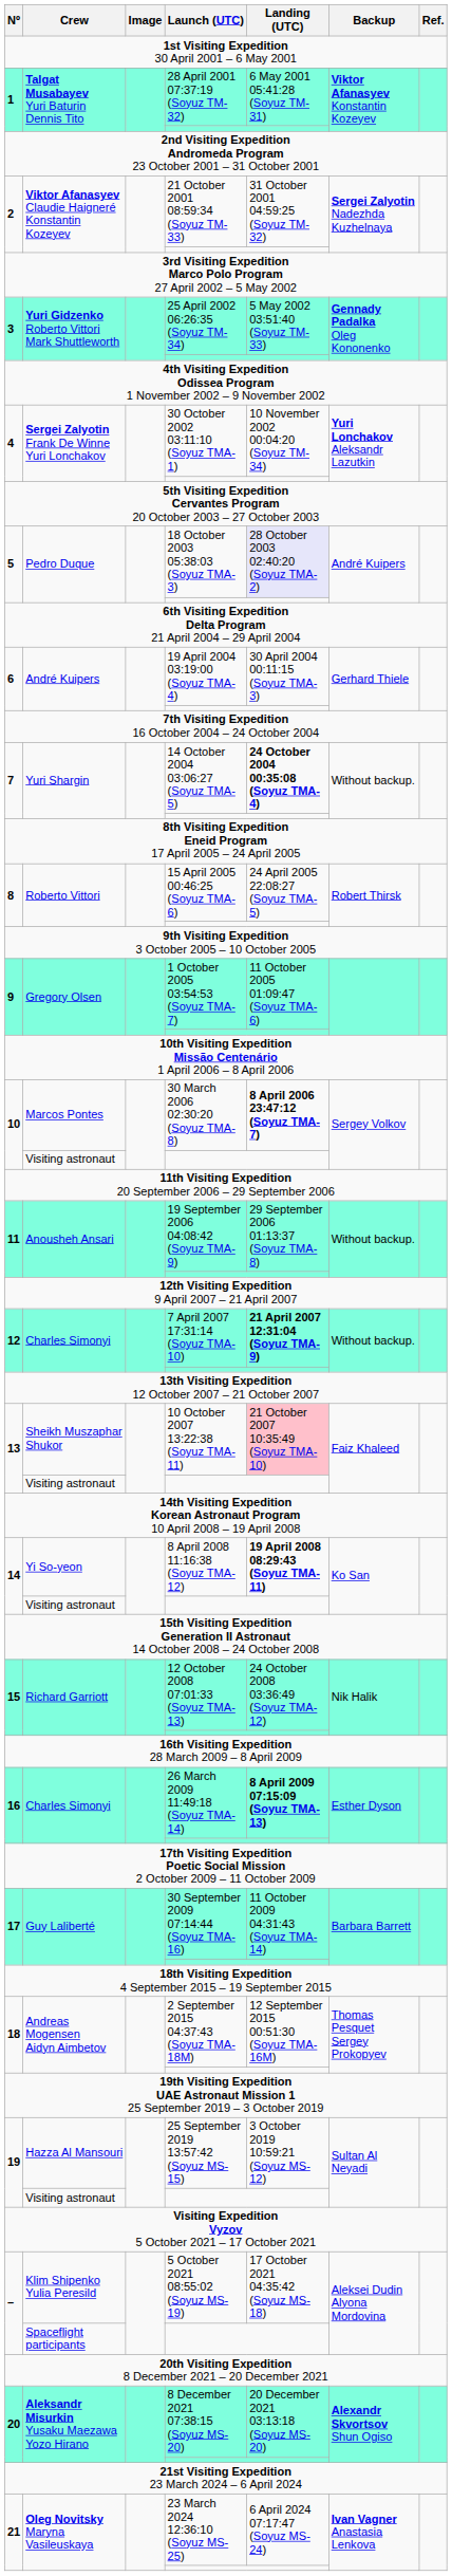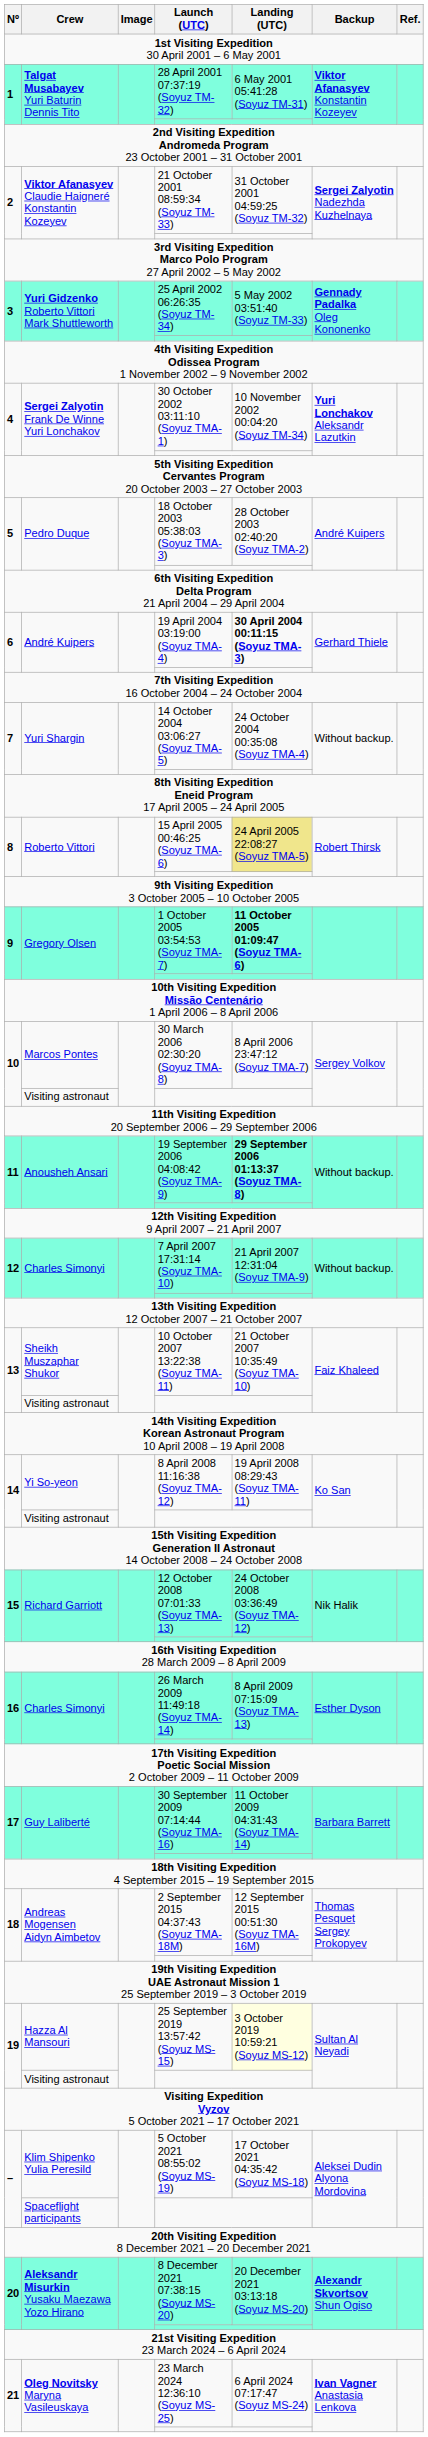 <table class="wikitable">
 <tr>
 <th>Nº</th>
 <th>Crew</th>
 <th>Image</th>
 <th>Launch (<a href='#'>UTC</a>)</th>
 <th>Landing (UTC)</th>
 <th>Backup</th>
 <th>Ref.</th>
 </tr>
 <tr>
 <td colspan="7" style="text-align:center"><strong>1st Visiting Expedition</strong><br>30 April 2001 – 6 May 2001</td>
 </tr>
 <tr>
 <td rowspan="2" bgcolor=#7fffdd><strong>1</strong></td>
 <td rowspan="2" bgcolor=#7fffdd>   <strong><a href='#'>Talgat Musabayev</a></strong><br> <a href='#'>Yuri Baturin</a><br> <a href='#'>Dennis Tito</a></td>
 <td rowspan="2" bgcolor=#7fffdd></td>
 <td bgcolor=#7fffdd>28 April 2001<br>07:37:19<br>(<a href='#'>Soyuz TM-32</a>)</td>
 <td bgcolor=#7fffdd>6 May 2001<br>05:41:28<br>(<a href='#'>Soyuz TM-31</a>)</td>
 <td rowspan="2" bgcolor=#7fffdd> <strong><a href='#'>Viktor Afanasyev</a></strong><br> <a href='#'>Konstantin Kozeyev</a></td>
 <td rowspan="2" bgcolor=#7fffdd></td>
 </tr>
 <tr>
 <td colspan=2 style="background:#7fffdd; text-align:center"></td>
 </tr>
 <tr>
 <td colspan="7" style="text-align:center"><strong>2nd Visiting Expedition</strong><br><strong>Andromeda Program</strong><br>23 October 2001 – 31 October 2001</td>
 </tr>
 <tr>
 <td rowspan="2"><strong>2</strong></td>
 <td rowspan="2">   <strong><a href='#'>Viktor Afanasyev</a></strong><br> <a href='#'>Claudie Haigneré</a><br> <a href='#'>Konstantin Kozeyev</a></td>
 <td rowspan="2"></td>
 <td>21 October 2001<br>08:59:34<br>(<a href='#'>Soyuz TM-33</a>)</td>
 <td>31 October 2001<br>04:59:25<br>(<a href='#'>Soyuz TM-32</a>)</td>
 <td rowspan="2"> <strong><a href='#'>Sergei Zalyotin</a></strong><br> <a href='#'>Nadezhda Kuzhelnaya</a></td>
 <td rowspan="2"></td>
 </tr>
 <tr>
 <td colspan="2" style="text-align:center"></td>
 </tr>
 <tr>
 <td colspan="7" style="text-align:center"><strong>3rd Visiting Expedition</strong><br><strong>Marco Polo Program</strong><br>27 April 2002 – 5 May 2002</td>
 </tr>
 <tr>
 <td rowspan="2" bgcolor=#7fffdd><strong>3</strong></td>
 <td rowspan="2" bgcolor=#7fffdd> <strong><a href='#'>Yuri Gidzenko</a></strong><br> <a href='#'>Roberto Vittori</a><br> <a href='#'>Mark Shuttleworth</a></td>
 <td rowspan="2" bgcolor=#7fffdd></td>
 <td bgcolor=#7fffdd>25 April 2002<br>06:26:35<br>(<a href='#'>Soyuz TM-34</a>)</td>
 <td bgcolor=#7fffdd>5 May 2002<br>03:51:40<br>(<a href='#'>Soyuz TM-33</a>)</td>
 <td rowspan="2" bgcolor=#7fffdd> <strong><a href='#'>Gennady Padalka</a></strong><br> <a href='#'>Oleg Kononenko</a></td>
 <td rowspan="2" bgcolor=#7fffdd></td>
 </tr>
 <tr>
 <td colspan=2 style="background:#7fffdd; text-align:center"></td>
 </tr>
 <tr>
 <td colspan="7" style="text-align:center"><strong>4th Visiting Expedition</strong><br><strong>Odissea Program</strong><br>1 November 2002 – 9 November 2002</td>
 </tr>
 <tr>
 <td rowspan="2"><strong>4</strong></td>
 <td rowspan="2"> <strong><a href='#'>Sergei Zalyotin</a></strong><br> <a href='#'>Frank De Winne</a><br> <a href='#'>Yuri Lonchakov</a></td>
 <td rowspan="2"></td>
 <td>30 October 2002<br>03:11:10<br>(<a href='#'>Soyuz TMA-1</a>)</td>
 <td>10 November 2002<br>00:04:20<br>(<a href='#'>Soyuz TM-34</a>)</td>
 <td rowspan="2"> <strong><a href='#'>Yuri Lonchakov</a></strong><br> <a href='#'>Aleksandr Lazutkin</a></td>
 <td rowspan="2"></td>
 </tr>
 <tr>
 <td colspan="2" style="text-align:center"></td>
 </tr>
 <tr>
 <td colspan="7" style="text-align:center"><strong>5th Visiting Expedition</strong><br><strong>Cervantes Program</strong><br>20 October 2003 – 27 October 2003</td>
 </tr>
 <tr>
 <td rowspan="2"><strong>5</strong></td>
 <td rowspan="2"> <a href='#'>Pedro Duque</a></td>
 <td rowspan="2"></td>
 <td>18 October 2003<br>05:38:03<br>(<a href='#'>Soyuz TMA-3</a>)</td>
-<td style="background: lavender;">28 October 2003<br>02:40:20<br>(<a href='#'>Soyuz TMA-2</a>)</td>
+<td>28 October 2003<br>02:40:20<br>(<a href='#'>Soyuz TMA-2</a>)</td>
 <td rowspan="2"> <a href='#'>André Kuipers</a></td>
 <td rowspan="2"></td>
 </tr>
 <tr>
 <td colspan="2" style="text-align:center"></td>
 </tr>
 <tr>
 <td colspan="7" style="text-align:center"><strong>6th Visiting Expedition</strong><br><strong>Delta Program</strong><br>21 April 2004 – 29 April 2004</td>
 </tr>
 <tr>
 <td rowspan="2"><strong>6</strong></td>
 <td rowspan="2"> <a href='#'>André Kuipers</a></td>
 <td rowspan="2"></td>
 <td>19 April 2004<br>03:19:00<br>(<a href='#'>Soyuz TMA-4</a>)</td>
-<td>30 April 2004<br>00:11:15<br>(<a href='#'>Soyuz TMA-3</a>)</td>
+<td><strong>30 April 2004<br>00:11:15<br>(<a href='#'>Soyuz TMA-3</a>)</strong></td>
 <td rowspan="2"> <a href='#'>Gerhard Thiele</a></td>
 <td rowspan="2"></td>
 </tr>
 <tr>
 <td colspan="2" style="text-align:center"></td>
 </tr>
 <tr>
 <td colspan="7" style="text-align:center"><strong>7th Visiting Expedition</strong><br>16 October 2004 – 24 October 2004</td>
 </tr>
 <tr>
 <td rowspan="2"><strong>7</strong></td>
 <td rowspan="2"> <a href='#'>Yuri Shargin</a></td>
 <td rowspan="2"></td>
 <td>14 October 2004<br>03:06:27<br>(<a href='#'>Soyuz TMA-5</a>)</td>
-<td><strong>24 October 2004<br>00:35:08<br>(<a href='#'>Soyuz TMA-4</a>)</strong></td>
+<td>24 October 2004<br>00:35:08<br>(<a href='#'>Soyuz TMA-4</a>)</td>
 <td rowspan="2">Without backup.</td>
 <td rowspan="2"></td>
 </tr>
 <tr>
 <td colspan="2" style="text-align:center"></td>
 </tr>
 <tr>
 <td colspan="7" style="text-align:center"><strong>8th Visiting Expedition</strong><br><strong>Eneid Program</strong><br>17 April 2005 – 24 April 2005</td>
 </tr>
 <tr>
 <td rowspan="2"><strong>8</strong></td>
 <td rowspan="2"> <a href='#'>Roberto Vittori</a></td>
 <td rowspan="2"></td>
 <td>15 April 2005<br>00:46:25<br>(<a href='#'>Soyuz TMA-6</a>)</td>
-<td>24 April 2005<br>22:08:27<br>(<a href='#'>Soyuz TMA-5</a>)</td>
+<td style="background: khaki;">24 April 2005<br>22:08:27<br>(<a href='#'>Soyuz TMA-5</a>)</td>
 <td rowspan="2"> <a href='#'>Robert Thirsk</a></td>
 <td rowspan="2"></td>
 </tr>
 <tr>
 <td colspan="2" style="text-align:center"></td>
 </tr>
 <tr>
 <td colspan="7" style="text-align:center"><strong>9th Visiting Expedition</strong><br>3 October 2005 – 10 October 2005</td>
 </tr>
 <tr>
 <td rowspan="2" bgcolor=#7fffdd><strong>9</strong></td>
 <td rowspan="2" bgcolor=#7fffdd> <a href='#'>Gregory Olsen</a></td>
 <td rowspan="2" bgcolor=#7fffdd></td>
 <td bgcolor=#7fffdd>1 October 2005<br>03:54:53<br>(<a href='#'>Soyuz TMA-7</a>)</td>
-<td bgcolor=#7fffdd>11 October 2005<br>01:09:47<br>(<a href='#'>Soyuz TMA-6</a>)</td>
+<td bgcolor=#7fffdd><strong>11 October 2005<br>01:09:47<br>(<a href='#'>Soyuz TMA-6</a>)</strong></td>
 <td rowspan="2" bgcolor=#7fffdd> </td>
 <td rowspan="2" bgcolor=#7fffdd></td>
 </tr>
 <tr>
 <td colspan=2 style="background:#7fffdd; text-align:center"></td>
 </tr>
 <tr>
 <td colspan="7" style="text-align:center"><strong>10th Visiting Expedition</strong><br><strong><a href='#'>Missão Centenário</a></strong><br>1 April 2006 – 8 April 2006</td>
 </tr>
 <tr>
 <td rowspan="2"><strong>10</strong></td>
 <td> <a href='#'>Marcos Pontes</a></td>
 <td rowspan="2"></td>
 <td>30 March 2006<br>02:30:20<br>(<a href='#'>Soyuz TMA-8</a>)</td>
-<td><strong>8 April 2006<br>23:47:12<br>(<a href='#'>Soyuz TMA-7</a>)</strong></td>
+<td>8 April 2006<br>23:47:12<br>(<a href='#'>Soyuz TMA-7</a>)</td>
 <td rowspan="2"> <a href='#'>Sergey Volkov</a></td>
 <td rowspan="2"></td>
 </tr>
 <tr>
 <td>Visiting astronaut</td>
 <td colspan="2" style="text-align:center"></td>
 </tr>
 <tr>
 <td colspan="7" style="text-align:center"><strong>11th Visiting Expedition</strong><br>20 September 2006 – 29 September 2006</td>
 </tr>
 <tr>
 <td rowspan="2" bgcolor=#7fffdd><strong>11</strong></td>
 <td rowspan="2" bgcolor=#7fffdd> <a href='#'>Anousheh Ansari</a></td>
 <td rowspan="2" bgcolor=#7fffdd></td>
 <td bgcolor=#7fffdd>19 September 2006<br>04:08:42<br>(<a href='#'>Soyuz TMA-9</a>)</td>
-<td bgcolor=#7fffdd>29 September 2006<br>01:13:37<br>(<a href='#'>Soyuz TMA-8</a>)</td>
+<td bgcolor=#7fffdd><strong>29 September 2006<br>01:13:37<br>(<a href='#'>Soyuz TMA-8</a>)</strong></td>
 <td rowspan="2" bgcolor=#7fffdd>Without backup.</td>
 <td rowspan="2" bgcolor=#7fffdd></td>
 </tr>
 <tr>
 <td colspan="2" style="background:#7fffdd; text-align:center"></td>
 </tr>
 <tr>
 <td colspan="7" style="text-align:center"><strong>12th Visiting Expedition</strong><br>9 April 2007 – 21 April 2007</td>
 </tr>
 <tr>
 <td rowspan="2" bgcolor=#7fffdd><strong>12</strong></td>
 <td rowspan="2" bgcolor=#7fffdd> <a href='#'>Charles Simonyi</a></td>
 <td rowspan="2" bgcolor=#7fffdd></td>
 <td bgcolor=#7fffdd>7 April 2007<br>17:31:14<br>(<a href='#'>Soyuz TMA-10</a>)</td>
-<td bgcolor=#7fffdd><strong>21 April 2007<br>12:31:04<br>(<a href='#'>Soyuz TMA-9</a>)</strong></td>
+<td bgcolor=#7fffdd>21 April 2007<br>12:31:04<br>(<a href='#'>Soyuz TMA-9</a>)</td>
 <td rowspan="2" bgcolor=#7fffdd>Without backup.</td>
 <td rowspan="2" bgcolor=#7fffdd></td>
 </tr>
 <tr>
 <td colspan="2" style="background:#7fffdd; text-align:center"></td>
 </tr>
 <tr>
 <td colspan="7" style="text-align:center"><strong>13th Visiting Expedition</strong><br>12 October 2007 – 21 October 2007</td>
 </tr>
 <tr>
 <td rowspan="2"><strong>13</strong></td>
 <td> <a href='#'>Sheikh Muszaphar Shukor</a></td>
 <td rowspan="2"></td>
 <td>10 October 2007<br>13:22:38<br>(<a href='#'>Soyuz TMA-11</a>)</td>
-<td style="background: pink;">21 October 2007<br>10:35:49<br>(<a href='#'>Soyuz TMA-10</a>)</td>
+<td>21 October 2007<br>10:35:49<br>(<a href='#'>Soyuz TMA-10</a>)</td>
 <td rowspan="2"> <a href='#'>Faiz Khaleed</a></td>
 <td rowspan="2"></td>
 </tr>
 <tr>
 <td>Visiting astronaut</td>
 <td colspan="2" style="text-align:center"></td>
 </tr>
 <tr>
 <td colspan="7" style="text-align:center"><strong>14th Visiting Expedition</strong><br><strong>Korean Astronaut Program</strong><br>10 April 2008 – 19 April 2008</td>
 </tr>
 <tr>
 <td rowspan="2"><strong>14</strong></td>
 <td> <a href='#'>Yi So-yeon</a></td>
 <td rowspan="2"></td>
 <td>8 April 2008<br>11:16:38<br>(<a href='#'>Soyuz TMA-12</a>)</td>
-<td><strong>19 April 2008<br>08:29:43<br>(<a href='#'>Soyuz TMA-11</a>)</strong></td>
+<td>19 April 2008<br>08:29:43<br>(<a href='#'>Soyuz TMA-11</a>)</td>
 <td rowspan="2"> <a href='#'>Ko San</a></td>
 <td rowspan="2"></td>
 </tr>
 <tr>
 <td>Visiting astronaut</td>
 <td colspan="2" style="text-align:center"></td>
 </tr>
 <tr>
 <td colspan="7" style="text-align:center"><strong>15th Visiting Expedition</strong><br><strong>Generation II Astronaut</strong><br>14 October 2008 – 24 October 2008</td>
 </tr>
 <tr>
 <td rowspan="2" bgcolor=#7fffdd><strong>15</strong></td>
 <td rowspan="2" bgcolor=#7fffdd> <a href='#'>Richard Garriott</a></td>
 <td rowspan="2" bgcolor=#7fffdd></td>
 <td bgcolor=#7fffdd>12 October 2008<br>07:01:33<br>(<a href='#'>Soyuz TMA-13</a>)</td>
 <td bgcolor=#7fffdd>24 October 2008<br>03:36:49<br>(<a href='#'>Soyuz TMA-12</a>)</td>
 <td bgcolor=#7fffdd rowspan="2"> Nik Halik</td>
 <td bgcolor=#7fffdd rowspan="2"></td>
 </tr>
 <tr>
 <td colspan="2" style="background:#7fffdd; text-align:center"></td>
 </tr>
 <tr>
 <td colspan="7" style="text-align:center"><strong>16th Visiting Expedition</strong><br>28 March 2009 – 8 April 2009</td>
 </tr>
 <tr>
 <td rowspan="2" bgcolor=#7fffdd><strong>16</strong></td>
 <td rowspan="2" bgcolor=#7fffdd> <a href='#'>Charles Simonyi</a></td>
 <td rowspan="2" bgcolor=#7fffdd></td>
 <td bgcolor=#7fffdd>26 March 2009<br>11:49:18<br>(<a href='#'>Soyuz TMA-14</a>)</td>
-<td bgcolor=#7fffdd><strong>8 April 2009<br>07:15:09<br>(<a href='#'>Soyuz TMA-13</a>)</strong></td>
+<td bgcolor=#7fffdd>8 April 2009<br>07:15:09<br>(<a href='#'>Soyuz TMA-13</a>)</td>
 <td rowspan="2" bgcolor=#7fffdd> <a href='#'>Esther Dyson</a></td>
 <td bgcolor=#7fffdd rowspan="2"></td>
 </tr>
 <tr>
 <td colspan="2" style="background:#7fffdd; text-align:center"></td>
 </tr>
 <tr>
 <td colspan="7" style="text-align:center"><strong>17th Visiting Expedition</strong><br><strong>Poetic Social Mission</strong><br>2 October 2009 – 11 October 2009</td>
 </tr>
 <tr>
 <td rowspan="2" bgcolor=#7fffdd><strong>17</strong></td>
 <td rowspan="2" bgcolor=#7fffdd> <a href='#'>Guy Laliberté</a></td>
 <td rowspan="2" bgcolor=#7fffdd></td>
 <td bgcolor=#7fffdd>30 September 2009<br>07:14:44<br>(<a href='#'>Soyuz TMA-16</a>)</td>
 <td bgcolor=#7fffdd>11 October 2009<br>04:31:43<br>(<a href='#'>Soyuz TMA-14</a>)</td>
 <td rowspan="2" bgcolor=#7fffdd> <a href='#'>Barbara Barrett</a></td>
 <td bgcolor=#7fffdd rowspan="2"></td>
 </tr>
 <tr>
 <td colspan="2" style="background:#7fffdd; text-align:center"></td>
 </tr>
 <tr>
 <td colspan="7" style="text-align:center"><strong>18th Visiting Expedition</strong><br>4 September 2015 – 19 September 2015</td>
 </tr>
 <tr>
 <td rowspan="2"><strong>18</strong></td>
 <td rowspan="2"> <a href='#'>Andreas Mogensen</a><br> <a href='#'>Aidyn Aimbetov</a></td>
 <td rowspan="2"></td>
 <td>2 September 2015<br>04:37:43<br>(<a href='#'>Soyuz TMA-18M</a>)</td>
 <td>12 September 2015<br>00:51:30<br>(<a href='#'>Soyuz TMA-16M</a>)</td>
 <td rowspan="2"> <a href='#'>Thomas Pesquet</a><br> <a href='#'>Sergey Prokopyev</a></td>
 <td rowspan="2"></td>
 </tr>
 <tr>
 <td colspan="2" style="text-align:center"></td>
 </tr>
 <tr>
 <td colspan="7" style="text-align:center"><strong>19th Visiting Expedition</strong><br><strong>UAE Astronaut Mission 1</strong><br>25 September 2019 – 3 October 2019</td>
 </tr>
 <tr>
 <td rowspan="2"><strong>19</strong></td>
 <td> <a href='#'>Hazza Al Mansouri</a></td>
 <td rowspan="2"></td>
 <td>25 September 2019<br>13:57:42<br>(<a href='#'>Soyuz MS-15</a>)</td>
-<td>3 October 2019<br>10:59:21<br>(<a href='#'>Soyuz MS-12</a>)</td>
+<td style="background: lightyellow;">3 October 2019<br>10:59:21<br>(<a href='#'>Soyuz MS-12</a>)</td>
 <td rowspan="2"> <a href='#'>Sultan Al Neyadi</a></td>
 <td rowspan="2"></td>
 </tr>
 <tr>
 <td>Visiting astronaut</td>
 <td colspan="2" style="text-align:center"></td>
 </tr>
 <tr>
 <td colspan="7" style="text-align:center"><strong>Visiting Expedition</strong><br><strong><a href='#'>Vyzov</a></strong><br>5 October 2021 – 17 October 2021</td>
 </tr>
 <tr>
 <td rowspan="3"><strong>–</strong></td>
 <td rowspan="2"> <a href='#'>Klim Shipenko</a><br> <a href='#'>Yulia Peresild</a></td>
 <td rowspan="3"></td>
 <td>5 October 2021<br>08:55:02<br>(<a href='#'>Soyuz MS-19</a>)</td>
 <td>17 October 2021<br>04:35:42<br>(<a href='#'>Soyuz MS-18</a>)</td>
 <td rowspan="3"> <a href='#'>Aleksei Dudin</a><br> <a href='#'>Alyona Mordovina</a></td>
 <td rowspan="3"><br><br></td>
 </tr>
 <tr>
 <td rowspan="2" colspan="2" style="text-align:center"></td>
 </tr>
 <tr>
 <td><a href='#'>Spaceflight participants</a></td>
 </tr>
 <tr>
 <td colspan="7" style="text-align:center"><strong>20th Visiting Expedition</strong><br>8 December 2021 – 20 December 2021</td>
 </tr>
 <tr>
 <td rowspan="2" bgcolor=#7fffdd><strong>20</strong></td>
 <td rowspan="2" bgcolor=#7fffdd> <strong><a href='#'>Aleksandr Misurkin</a></strong><br> <a href='#'>Yusaku Maezawa</a><br> <a href='#'>Yozo Hirano</a></td>
 <td rowspan="2" bgcolor=#7fffdd></td>
 <td bgcolor=#7fffdd>8 December 2021<br>07:38:15<br>(<a href='#'>Soyuz MS-20</a>)</td>
 <td bgcolor=#7fffdd>20 December 2021<br>03:13:18<br>(<a href='#'>Soyuz MS-20</a>)</td>
 <td rowspan="2" bgcolor=#7fffdd> <strong><a href='#'>Alexandr Skvortsov</a></strong><br> <a href='#'>Shun Ogiso</a></td>
 <td rowspan="2" bgcolor=#7fffdd></td>
 </tr>
 <tr>
 <td colspan=2 style="background:#7fffdd; text-align:center"></td>
 </tr>
 <tr>
 <td colspan="7" style="text-align:center"><strong>21st Visiting Expedition</strong><br>23 March 2024 – 6 April 2024</td>
 </tr>
 <tr>
 <td rowspan="2"><strong>21</strong></td>
 <td rowspan="2"> <strong><a href='#'>Oleg Novitsky</a></strong><br> <a href='#'>Maryna Vasileuskaya</a></td>
 <td rowspan="2"></td>
 <td>23 March 2024<br>12:36:10<br>(<a href='#'>Soyuz MS-25</a>)</td>
 <td>6 April 2024<br>07:17:47<br>(<a href='#'>Soyuz MS-24</a>)</td>
 <td rowspan="2"> <strong><a href='#'>Ivan Vagner</a></strong><br> <a href='#'>Anastasia Lenkova</a></td>
 <td rowspan="2"><br></td>
 </tr>
 <tr>
 <td colspan=2 style="text-align:center"></td>
 </tr>
 </table>
